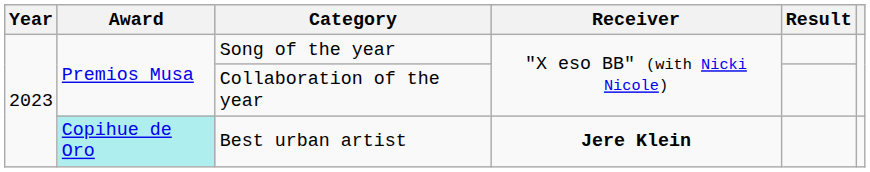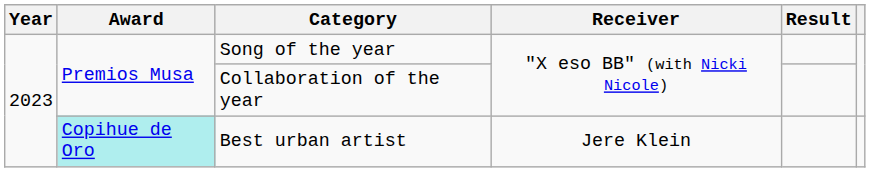 <table class="wikitable plainrowheaders sortable">
 <tr style="background:#ccc; text-align:center;">
 <th>Year</th>
 <th scope="col">Award</th>
 <th scope="col">Category</th>
 <th scope="col">Receiver</th>
 <th scope="col">Result</th>
 <th scope="col" class="unsortable"></th>
 </tr>
 <tr>
 <td rowspan="3" align="center">2023</td>
 <td rowspan="2"><a href='#'>Premios Musa</a></td>
 <td>Song of the year</td>
 <td rowspan="2" align="center">"X eso BB" <small>(with <a href='#'>Nicki Nicole</a>)</small></td>
 <td></td>
 <td align="center" rowspan="2"><br></td>
 </tr>
 <tr>
 <td>Collaboration of the year</td>
 <td></td>
 </tr>
 <tr>
 <td style="background: paleturquoise;"><a href='#'>Copihue de Oro</a></td>
 <td>Best urban artist</td>
-<td align="center"><strong>Jere Klein</strong></td>
+<td align="center">Jere Klein</td>
 <td></td>
 <td align="center"></td>
 </tr>
 </table>
